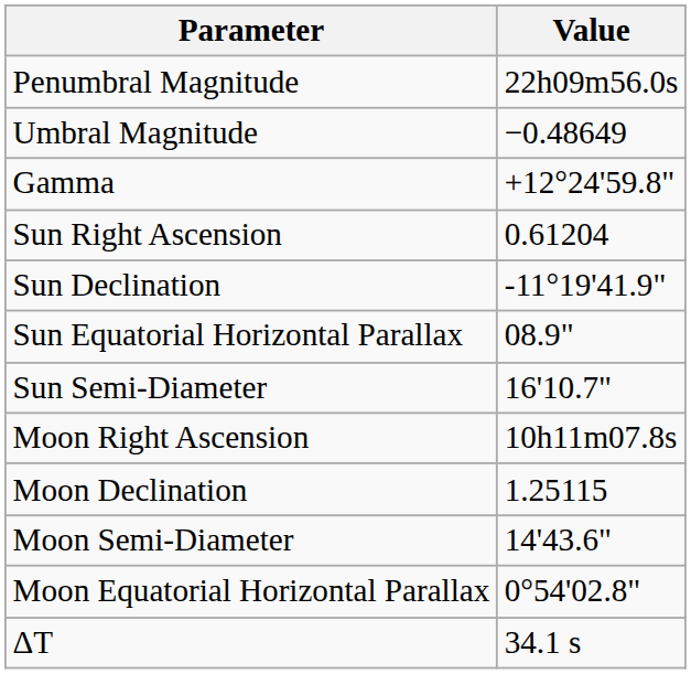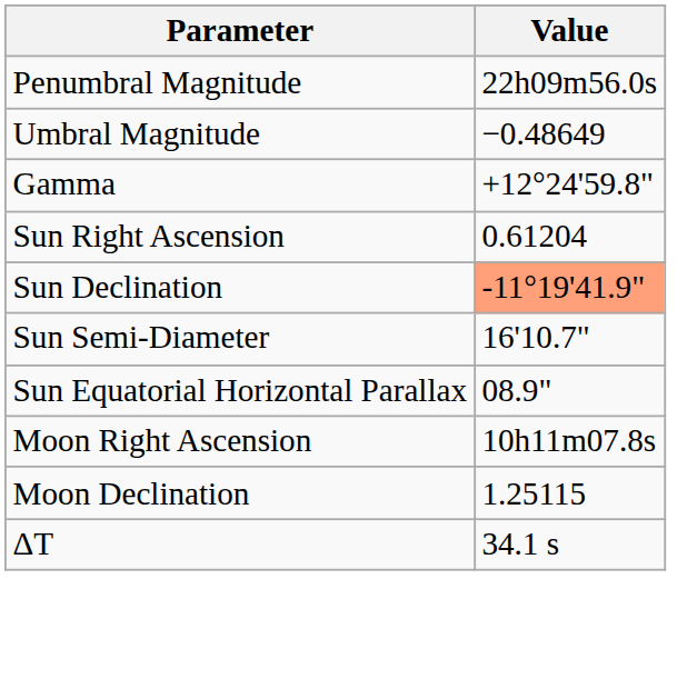 <table class="wikitable">
 <tr>
 <th>Parameter</th>
 <th>Value</th>
 </tr>
 <tr>
 <td>Penumbral Magnitude</td>
 <td>22h09m56.0s</td>
 </tr>
 <tr>
 <td>Umbral Magnitude</td>
 <td>−0.48649</td>
 </tr>
 <tr>
 <td>Gamma</td>
 <td>+12°24'59.8"</td>
 </tr>
 <tr>
 <td>Sun Right Ascension</td>
 <td>0.61204</td>
 </tr>
 <tr>
 <td>Sun Declination</td>
-<td>-11°19'41.9"</td>
+<td style="background: lightsalmon;">-11°19'41.9"</td>
+</tr>
+<tr>
+<td>Sun Semi-Diameter</td>
+<td>16'10.7"</td>
 </tr>
 <tr>
 <td>Sun Equatorial Horizontal Parallax</td>
 <td>08.9"</td>
-</tr>
-<tr>
-<td>Sun Semi-Diameter</td>
-<td>16'10.7"</td>
 </tr>
 <tr>
 <td>Moon Right Ascension</td>
 <td>10h11m07.8s</td>
 </tr>
 <tr>
 <td>Moon Declination</td>
 <td>1.25115</td>
 </tr>
 <tr>
-<td>Moon Semi-Diameter</td>
-<td>14'43.6"</td>
-</tr>
-<tr>
-<td>Moon Equatorial Horizontal Parallax</td>
-<td>0°54'02.8"</td>
-</tr>
-<tr>
 <td>ΔT</td>
 <td>34.1 s</td>
 </tr>
 </table>
